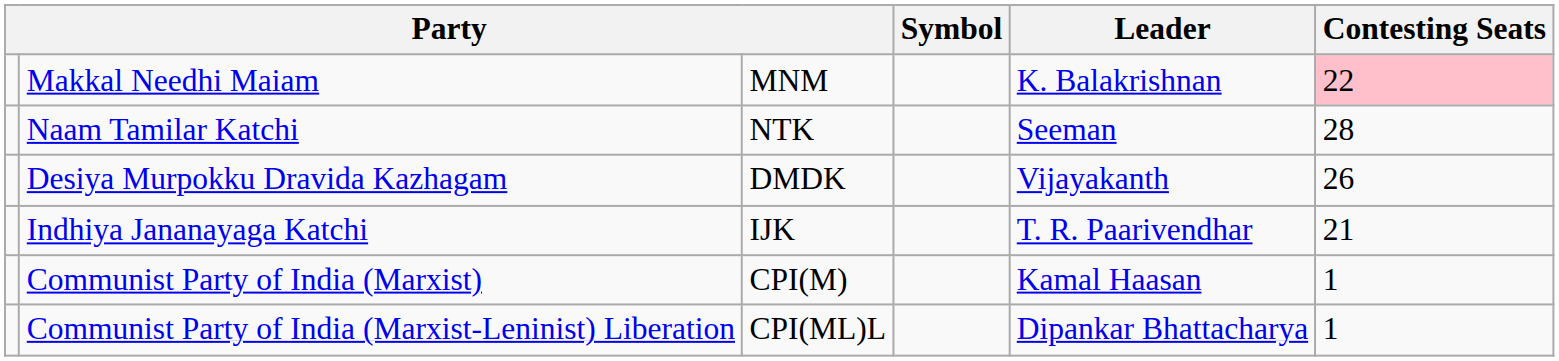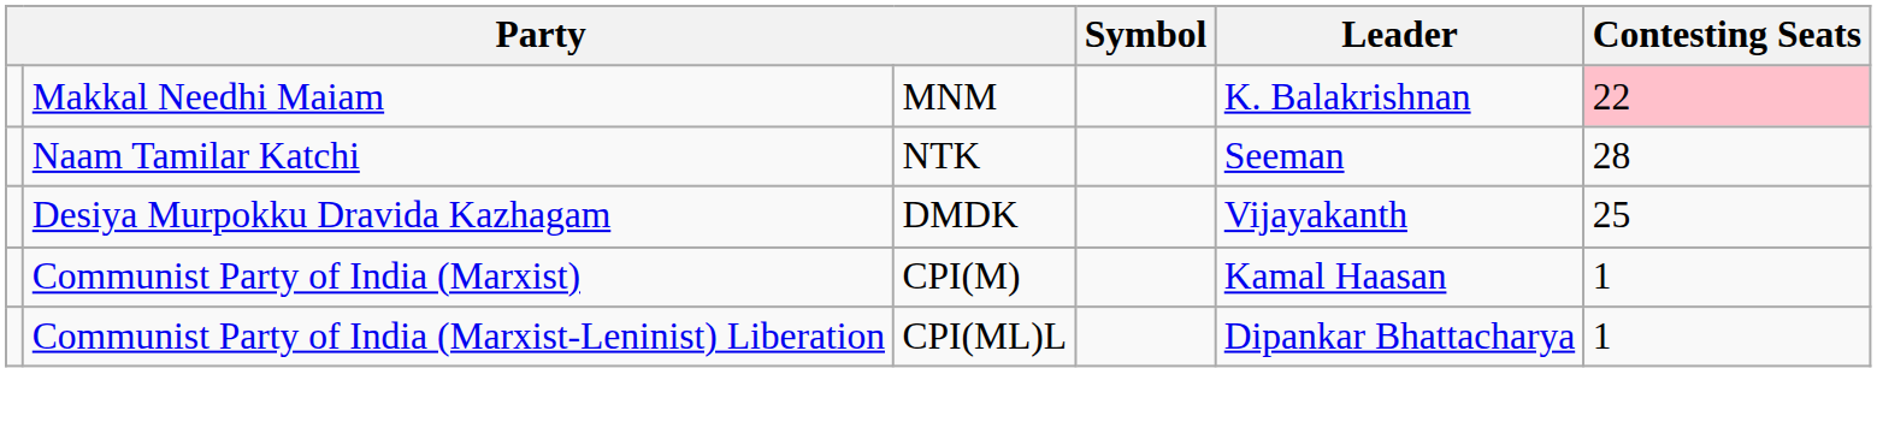 <table class="wikitable">
 <tr>
 <th colspan="3">Party</th>
 <th>Symbol</th>
 <th>Leader</th>
 <th>Contesting Seats</th>
 </tr>
 <tr>
 <td></td>
 <td><a href='#'>Makkal Needhi Maiam</a></td>
 <td>MNM</td>
 <td></td>
 <td><a href='#'>K. Balakrishnan</a></td>
 <td style="background: pink;">22</td>
 </tr>
 <tr>
 <td></td>
 <td><a href='#'>Naam Tamilar Katchi</a></td>
 <td>NTK</td>
 <td></td>
 <td><a href='#'>Seeman</a></td>
 <td>28</td>
 </tr>
 <tr>
 <td></td>
 <td><a href='#'>Desiya Murpokku Dravida Kazhagam</a></td>
 <td>DMDK</td>
 <td><br></td>
 <td><a href='#'>Vijayakanth</a></td>
-<td>26</td>
-</tr>
-<tr>
-<td></td>
-<td><a href='#'>Indhiya Jananayaga Katchi</a></td>
-<td>IJK</td>
-<td></td>
-<td><a href='#'>T. R. Paarivendhar</a></td>
-<td>21</td>
+<td>25</td>
 </tr>
 <tr>
 <td></td>
 <td><a href='#'>Communist Party of India (Marxist)</a></td>
 <td>CPI(M)</td>
 <td></td>
 <td><a href='#'>Kamal Haasan</a></td>
 <td>1</td>
 </tr>
 <tr>
 <td></td>
 <td><a href='#'>Communist Party of India (Marxist-Leninist) Liberation</a></td>
 <td>CPI(ML)L</td>
 <td></td>
 <td><a href='#'>Dipankar Bhattacharya</a></td>
 <td>1</td>
 </tr>
 </table>
